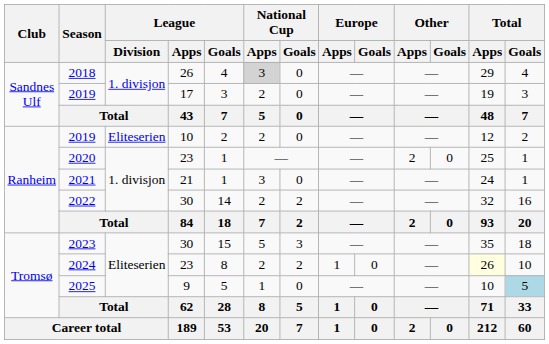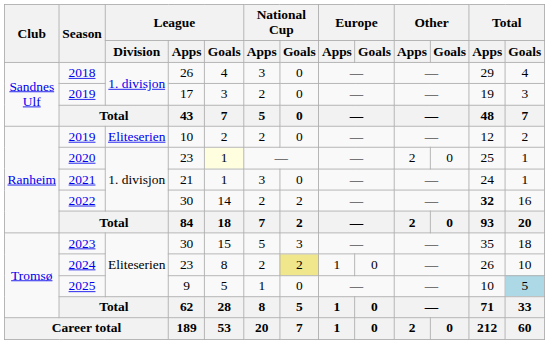 <table class="wikitable" style="text-align: center;">
 <tr>
 <th rowspan=2>Club</th>
 <th rowspan=2>Season</th>
 <th colspan=3>League</th>
 <th colspan=2>National Cup</th>
 <th colspan=2>Europe</th>
 <th colspan=2>Other</th>
 <th colspan=2>Total</th>
 </tr>
 <tr>
 <th>Division</th>
 <th>Apps</th>
 <th>Goals</th>
 <th>Apps</th>
 <th>Goals</th>
 <th>Apps</th>
 <th>Goals</th>
 <th>Apps</th>
 <th>Goals</th>
 <th>Apps</th>
 <th>Goals</th>
 </tr>
 <tr>
 <td rowspan=3><a href='#'>Sandnes Ulf</a></td>
 <td><a href='#'>2018</a></td>
 <td rowspan=2><a href='#'>1. divisjon</a></td>
 <td>26</td>
 <td>4</td>
-<td style="background: lightgrey;">3</td>
+<td>3</td>
 <td>0</td>
 <td colspan=2>—</td>
 <td colspan=2>—</td>
 <td>29</td>
 <td>4</td>
 </tr>
 <tr>
 <td><a href='#'>2019</a></td>
 <td>17</td>
 <td>3</td>
 <td>2</td>
 <td>0</td>
 <td colspan=2>—</td>
 <td colspan=2>—</td>
 <td>19</td>
 <td>3</td>
 </tr>
 <tr>
 <th colspan=2>Total</th>
 <th>43</th>
 <th>7</th>
 <th>5</th>
 <th>0</th>
 <th colspan=2>—</th>
 <th colspan=2>—</th>
 <th>48</th>
 <th>7</th>
 </tr>
 <tr>
 <td rowspan=5><a href='#'>Ranheim</a></td>
 <td><a href='#'>2019</a></td>
 <td><a href='#'>Eliteserien</a></td>
 <td>10</td>
 <td>2</td>
 <td>2</td>
 <td>0</td>
 <td colspan=2>—</td>
 <td colspan=2>—</td>
 <td>12</td>
 <td>2</td>
 </tr>
 <tr>
 <td><a href='#'>2020</a></td>
 <td rowspan=3>1. divisjon</td>
 <td>23</td>
-<td>1</td>
+<td style="background: lightyellow;">1</td>
 <td colspan=2>—</td>
 <td colspan=2>—</td>
 <td>2</td>
 <td>0</td>
 <td>25</td>
 <td>1</td>
 </tr>
 <tr>
 <td><a href='#'>2021</a></td>
 <td>21</td>
 <td>1</td>
 <td>3</td>
 <td>0</td>
 <td colspan=2>—</td>
 <td colspan=2>—</td>
 <td>24</td>
 <td>1</td>
 </tr>
 <tr>
 <td><a href='#'>2022</a></td>
 <td>30</td>
 <td>14</td>
 <td>2</td>
 <td>2</td>
 <td colspan=2>—</td>
 <td colspan=2>—</td>
-<td>32</td>
+<td><strong>32</strong></td>
 <td>16</td>
 </tr>
 <tr>
 <th colspan=2>Total</th>
 <th>84</th>
 <th>18</th>
 <th>7</th>
 <th>2</th>
 <th colspan=2>—</th>
 <th>2</th>
 <th>0</th>
 <th>93</th>
 <th>20</th>
 </tr>
 <tr>
 <td rowspan=4><a href='#'>Tromsø</a></td>
 <td><a href='#'>2023</a></td>
 <td rowspan=3>Eliteserien</td>
 <td>30</td>
 <td>15</td>
 <td>5</td>
 <td>3</td>
 <td colspan=2>—</td>
 <td colspan=2>—</td>
 <td>35</td>
 <td>18</td>
 </tr>
 <tr>
 <td><a href='#'>2024</a></td>
 <td>23</td>
 <td>8</td>
 <td>2</td>
-<td>2</td>
+<td style="background: khaki;">2</td>
 <td>1</td>
 <td>0</td>
 <td colspan=2>—</td>
-<td style="background: lightyellow;">26</td>
+<td>26</td>
 <td>10</td>
 </tr>
 <tr>
 <td><a href='#'>2025</a></td>
 <td>9</td>
 <td>5</td>
 <td>1</td>
 <td>0</td>
 <td colspan=2>—</td>
 <td colspan=2>—</td>
 <td>10</td>
 <td style="background: lightblue;">5</td>
 </tr>
 <tr>
 <th colspan=2>Total</th>
 <th>62</th>
 <th>28</th>
 <th>8</th>
 <th>5</th>
 <th>1</th>
 <th>0</th>
 <th colspan=2>—</th>
 <th>71</th>
 <th>33</th>
 </tr>
 <tr>
 <th colspan=3>Career total</th>
 <th>189</th>
 <th>53</th>
 <th>20</th>
 <th>7</th>
 <th>1</th>
 <th>0</th>
 <th>2</th>
 <th>0</th>
 <th>212</th>
 <th>60</th>
 </tr>
 </table>
